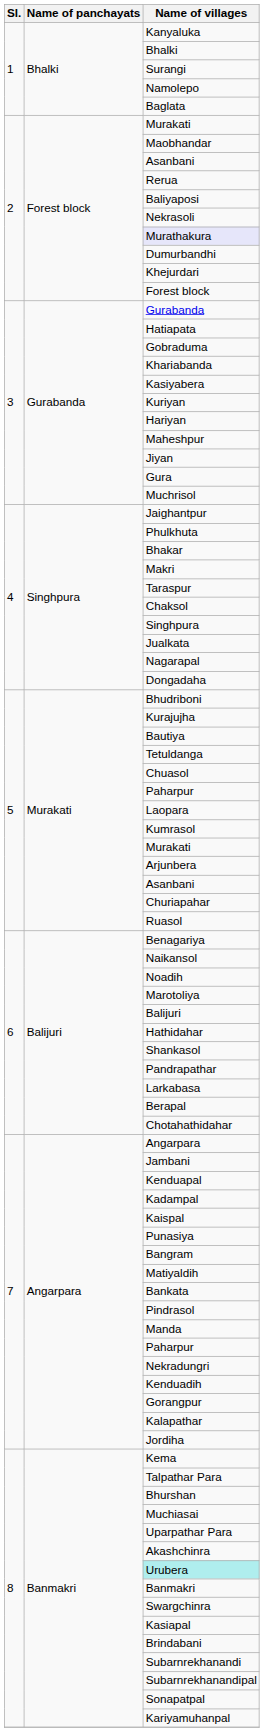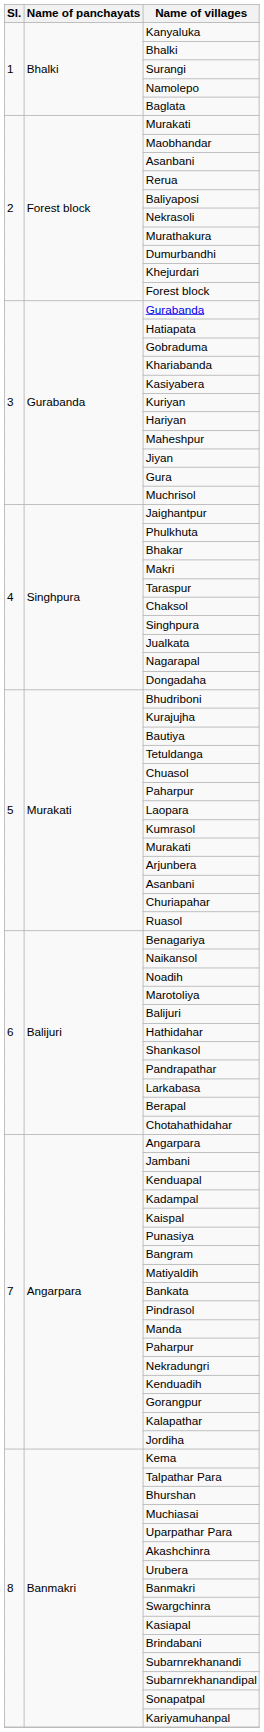 <table class="wikitable plainrowheaders sortable">
 <tr>
 <th scope="col">Sl.</th>
 <th scope="col">Name of panchayats</th>
 <th scope="col">Name of villages</th>
 </tr>
 <tr>
 <td rowspan="5">1</td>
 <td rowspan="5">Bhalki</td>
 <td>Kanyaluka</td>
 </tr>
 <tr>
 <td>Bhalki</td>
 </tr>
 <tr>
 <td>Surangi</td>
 </tr>
 <tr>
 <td>Namolepo</td>
 </tr>
 <tr>
 <td>Baglata</td>
 </tr>
 <tr>
 <td rowspan="10">2</td>
 <td rowspan="10">Forest block</td>
 <td>Murakati</td>
 </tr>
 <tr>
 <td>Maobhandar</td>
 </tr>
 <tr>
 <td>Asanbani</td>
 </tr>
 <tr>
 <td>Rerua</td>
 </tr>
 <tr>
 <td>Baliyaposi</td>
 </tr>
 <tr>
 <td>Nekrasoli</td>
 </tr>
 <tr>
-<td style="background: lavender;">Murathakura</td>
+<td>Murathakura</td>
 </tr>
 <tr>
 <td>Dumurbandhi</td>
 </tr>
 <tr>
 <td>Khejurdari</td>
 </tr>
 <tr>
 <td>Forest block</td>
 </tr>
 <tr>
 <td rowspan="11">3</td>
 <td rowspan="11">Gurabanda</td>
 <td><a href='#'>Gurabanda</a></td>
 </tr>
 <tr>
 <td>Hatiapata</td>
 </tr>
 <tr>
 <td>Gobraduma</td>
 </tr>
 <tr>
 <td>Khariabanda</td>
 </tr>
 <tr>
 <td>Kasiyabera</td>
 </tr>
 <tr>
 <td>Kuriyan</td>
 </tr>
 <tr>
 <td>Hariyan</td>
 </tr>
 <tr>
 <td>Maheshpur</td>
 </tr>
 <tr>
 <td>Jiyan</td>
 </tr>
 <tr>
 <td>Gura</td>
 </tr>
 <tr>
 <td>Muchrisol</td>
 </tr>
 <tr>
 <td rowspan="10">4</td>
 <td rowspan="10">Singhpura</td>
 <td>Jaighantpur</td>
 </tr>
 <tr>
 <td>Phulkhuta</td>
 </tr>
 <tr>
 <td>Bhakar</td>
 </tr>
 <tr>
 <td>Makri</td>
 </tr>
 <tr>
 <td>Taraspur</td>
 </tr>
 <tr>
 <td>Chaksol</td>
 </tr>
 <tr>
 <td>Singhpura</td>
 </tr>
 <tr>
 <td>Jualkata</td>
 </tr>
 <tr>
 <td>Nagarapal</td>
 </tr>
 <tr>
 <td>Dongadaha</td>
 </tr>
 <tr>
 <td rowspan="13">5</td>
 <td rowspan="13">Murakati</td>
 <td>Bhudriboni</td>
 </tr>
 <tr>
 <td>Kurajujha</td>
 </tr>
 <tr>
 <td>Bautiya</td>
 </tr>
 <tr>
 <td>Tetuldanga</td>
 </tr>
 <tr>
 <td>Chuasol</td>
 </tr>
 <tr>
 <td>Paharpur</td>
 </tr>
 <tr>
 <td>Laopara</td>
 </tr>
 <tr>
 <td>Kumrasol</td>
 </tr>
 <tr>
 <td>Murakati</td>
 </tr>
 <tr>
 <td>Arjunbera</td>
 </tr>
 <tr>
 <td>Asanbani</td>
 </tr>
 <tr>
 <td>Churiapahar</td>
 </tr>
 <tr>
 <td>Ruasol</td>
 </tr>
 <tr>
 <td rowspan="11">6</td>
 <td rowspan="11">Balijuri</td>
 <td>Benagariya</td>
 </tr>
 <tr>
 <td>Naikansol</td>
 </tr>
 <tr>
 <td>Noadih</td>
 </tr>
 <tr>
 <td>Marotoliya</td>
 </tr>
 <tr>
 <td>Balijuri</td>
 </tr>
 <tr>
 <td>Hathidahar</td>
 </tr>
 <tr>
 <td>Shankasol</td>
 </tr>
 <tr>
 <td>Pandrapathar</td>
 </tr>
 <tr>
 <td>Larkabasa</td>
 </tr>
 <tr>
 <td>Berapal</td>
 </tr>
 <tr>
 <td>Chotahathidahar</td>
 </tr>
 <tr>
 <td rowspan="17">7</td>
 <td rowspan="17">Angarpara</td>
 <td>Angarpara</td>
 </tr>
 <tr>
 <td>Jambani</td>
 </tr>
 <tr>
 <td>Kenduapal</td>
 </tr>
 <tr>
 <td>Kadampal</td>
 </tr>
 <tr>
 <td>Kaispal</td>
 </tr>
 <tr>
 <td>Punasiya</td>
 </tr>
 <tr>
 <td>Bangram</td>
 </tr>
 <tr>
 <td>Matiyaldih</td>
 </tr>
 <tr>
 <td>Bankata</td>
 </tr>
 <tr>
 <td>Pindrasol</td>
 </tr>
 <tr>
 <td>Manda</td>
 </tr>
 <tr>
 <td>Paharpur</td>
 </tr>
 <tr>
 <td>Nekradungri</td>
 </tr>
 <tr>
 <td>Kenduadih</td>
 </tr>
 <tr>
 <td>Gorangpur</td>
 </tr>
 <tr>
 <td>Kalapathar</td>
 </tr>
 <tr>
 <td>Jordiha</td>
 </tr>
 <tr>
 <td rowspan="15">8</td>
 <td rowspan="15">Banmakri</td>
 <td>Kema</td>
 </tr>
 <tr>
 <td>Talpathar Para</td>
 </tr>
 <tr>
 <td>Bhurshan</td>
 </tr>
 <tr>
 <td>Muchiasai</td>
 </tr>
 <tr>
 <td>Uparpathar Para</td>
 </tr>
 <tr>
 <td>Akashchinra</td>
 </tr>
 <tr>
-<td style="background: paleturquoise;">Urubera</td>
+<td>Urubera</td>
 </tr>
 <tr>
 <td>Banmakri</td>
 </tr>
 <tr>
 <td>Swargchinra</td>
 </tr>
 <tr>
 <td>Kasiapal</td>
 </tr>
 <tr>
 <td>Brindabani</td>
 </tr>
 <tr>
 <td>Subarnrekhanandi</td>
 </tr>
 <tr>
 <td>Subarnrekhanandipal</td>
 </tr>
 <tr>
 <td>Sonapatpal</td>
 </tr>
 <tr>
 <td>Kariyamuhanpal</td>
 </tr>
 <tr>
 </tr>
 </table>
